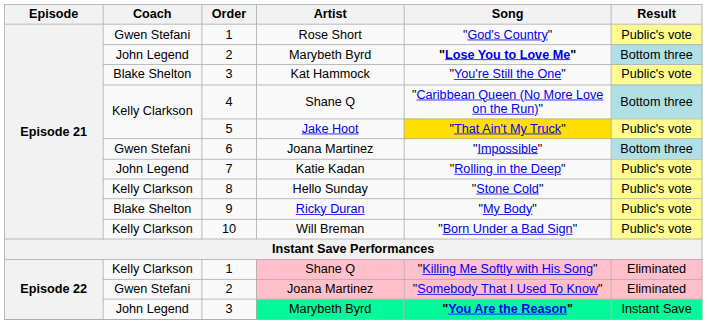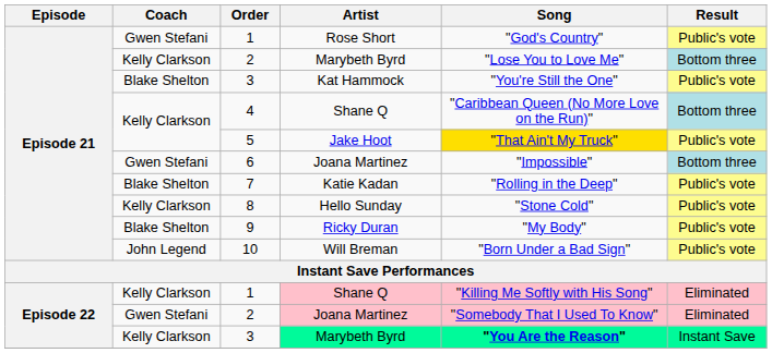 <table class="wikitable" style="text-align:center; width:100%;">
 <tr>
 <th style="width:10%;">Episode</th>
 <th style="width:10%;">Coach</th>
 <th style="width:05%;">Order</th>
 <th style="width:15%;">Artist</th>
 <th style="width:21%;">Song</th>
 <th style="width:9%;">Result</th>
 </tr>
 <tr>
 <th rowspan="10" scope="row">Episode 21<br><small></small></th>
 <td>Gwen Stefani</td>
 <td>1</td>
 <td>Rose Short</td>
 <td>"<a href='#'>God's Country</a>"</td>
 <td style="background:#fdfc8f;">Public's vote</td>
 </tr>
 <tr>
-<td>John Legend</td>
+<td>Kelly Clarkson</td>
 <td>2</td>
 <td>Marybeth Byrd</td>
-<td><strong>"<a href='#'>Lose You to Love Me</a>"</strong></td>
+<td>"<a href='#'>Lose You to Love Me</a>"</td>
 <td style="background:#b0e0e6;">Bottom three</td>
 </tr>
 <tr>
 <td>Blake Shelton</td>
 <td>3</td>
 <td>Kat Hammock</td>
 <td>"<a href='#'>You're Still the One</a>"</td>
 <td style="background:#fdfc8f;">Public's vote</td>
 </tr>
 <tr>
 <td rowspan="2">Kelly Clarkson</td>
 <td>4</td>
 <td>Shane Q</td>
 <td>"<a href='#'>Caribbean Queen (No More Love on the Run)</a>"</td>
 <td style="background:#b0e0e6;">Bottom three</td>
 </tr>
 <tr>
 <td>5</td>
 <td><a href='#'>Jake Hoot</a></td>
 <td style="background:#fedf00;">"<a href='#'>That Ain't My Truck</a>"</td>
 <td style="background:#fdfc8f;">Public's vote</td>
 </tr>
 <tr>
 <td>Gwen Stefani</td>
 <td>6</td>
 <td>Joana Martinez</td>
 <td>"<a href='#'>Impossible</a>"</td>
 <td style="background:#b0e0e6;">Bottom three</td>
 </tr>
 <tr>
-<td>John Legend</td>
+<td>Blake Shelton</td>
 <td>7</td>
 <td>Katie Kadan</td>
 <td>"<a href='#'>Rolling in the Deep</a>"</td>
 <td style="background:#fdfc8f;">Public's vote</td>
 </tr>
 <tr>
 <td>Kelly Clarkson</td>
 <td>8</td>
 <td>Hello Sunday</td>
 <td>"<a href='#'>Stone Cold</a>"</td>
 <td style="background:#fdfc8f;">Public's vote</td>
 </tr>
 <tr>
 <td>Blake Shelton</td>
 <td>9</td>
 <td><a href='#'>Ricky Duran</a></td>
 <td>"<a href='#'>My Body</a>"</td>
 <td style="background:#fdfc8f;">Public's vote</td>
 </tr>
 <tr>
-<td>Kelly Clarkson</td>
+<td>John Legend</td>
 <td>10</td>
 <td>Will Breman</td>
 <td>"<a href='#'>Born Under a Bad Sign</a>"</td>
 <td style="background:#fdfc8f;">Public's vote</td>
 </tr>
 <tr>
 <th colspan="6">Instant Save Performances</th>
 </tr>
 <tr>
 <th rowspan=3>Episode 22<br><small></small></th>
 <td>Kelly Clarkson</td>
 <td>1</td>
 <td style="background:pink;">Shane Q</td>
 <td style="background:pink;">"<a href='#'>Killing Me Softly with His Song</a>"</td>
 <td style="background:pink;">Eliminated</td>
 </tr>
 <tr>
 <td>Gwen Stefani</td>
 <td>2</td>
 <td style="background:pink;">Joana Martinez</td>
 <td style="background:pink;">"<a href='#'>Somebody That I Used To Know</a>"</td>
 <td style="background:pink;">Eliminated</td>
 </tr>
 <tr>
-<td>John Legend</td>
+<td>Kelly Clarkson</td>
 <td>3</td>
 <td style="background:#00fa9a;">Marybeth Byrd</td>
 <td style="background:#00fa9a;"><strong>"<a href='#'>You Are the Reason</a>"</strong></td>
 <td style="background:#00fa9a;">Instant Save</td>
 </tr>
 <tr>
 </tr>
 </table>
